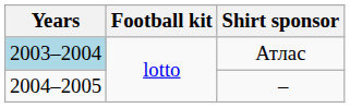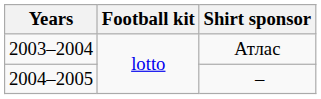 <table class="wikitable" style="text-align: center">
 <tr>
 <th>Years</th>
 <th>Football kit</th>
 <th>Shirt sponsor</th>
 </tr>
 <tr>
-<td style="background: lightblue;">2003–2004</td>
+<td>2003–2004</td>
 <td rowspan=2><a href='#'>lotto</a></td>
 <td>Атлас</td>
 </tr>
 <tr>
 <td>2004–2005</td>
 <td> –</td>
 </tr>
 </table>
